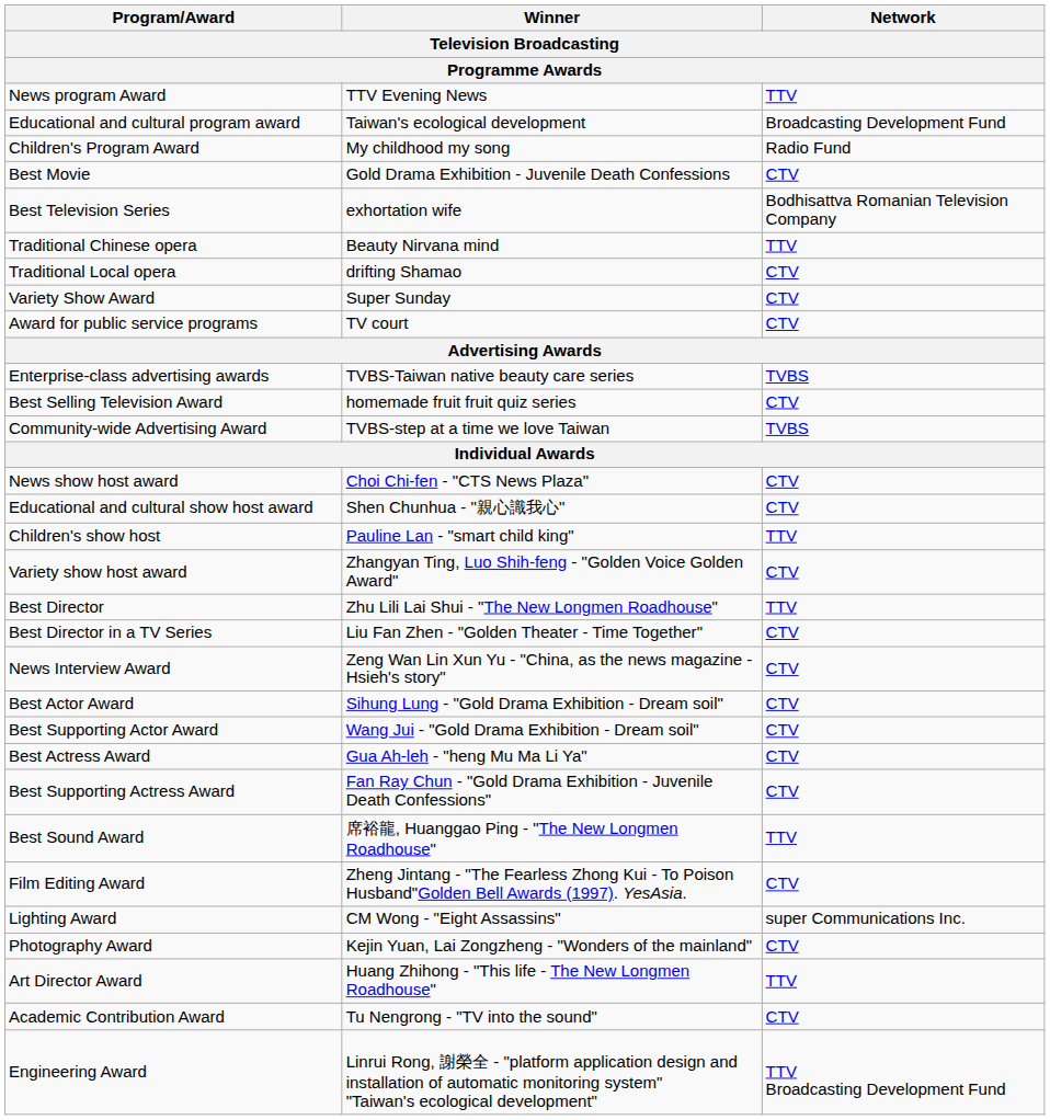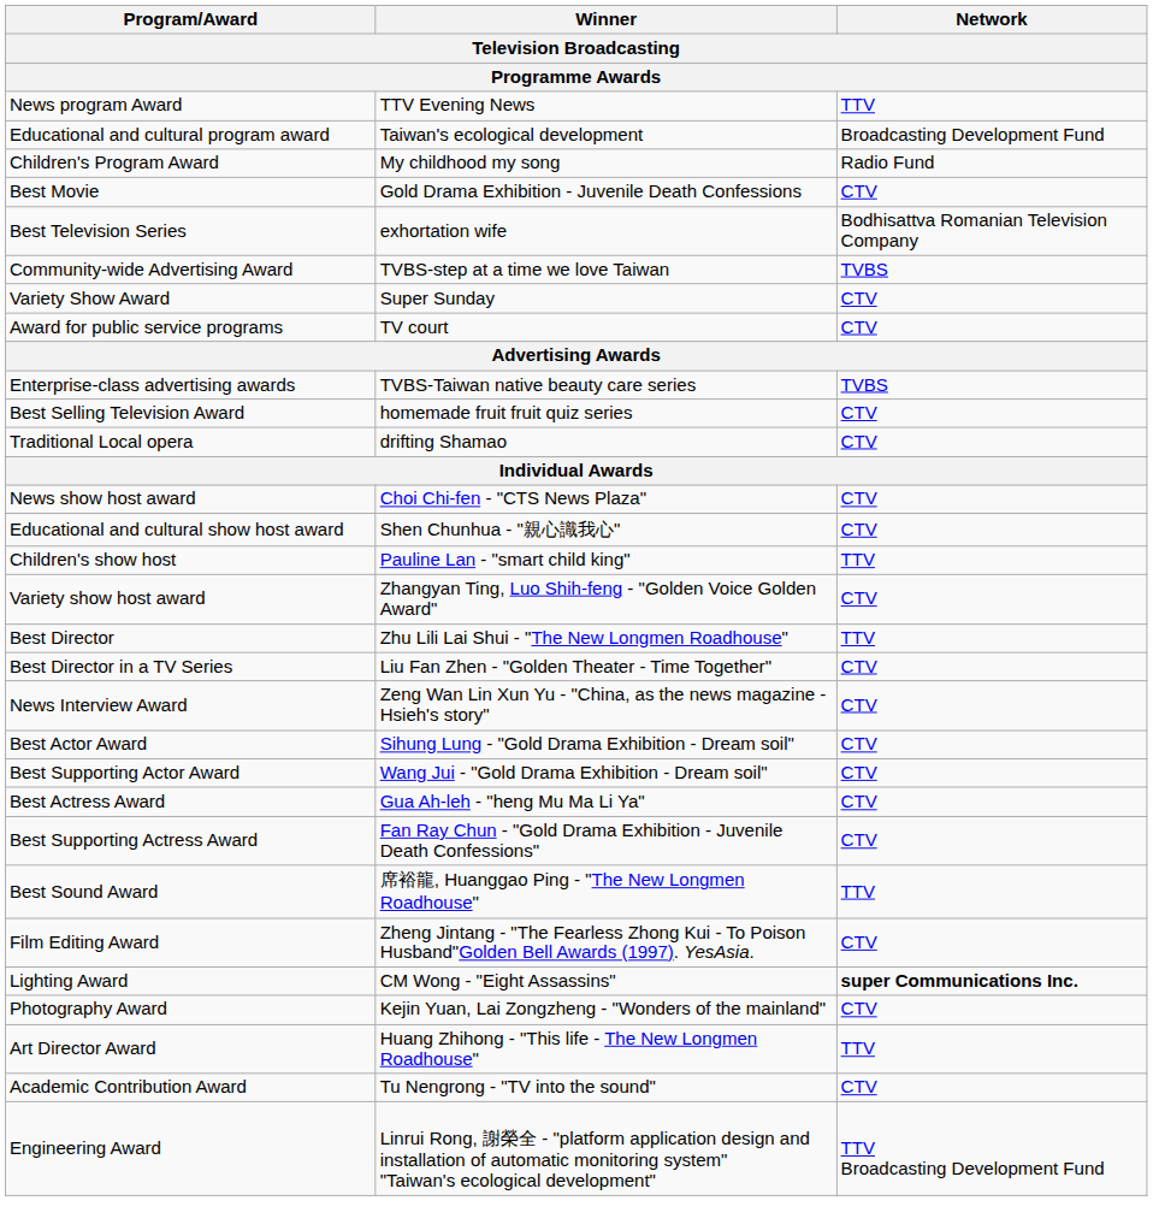 <table class="wikitable">
 <tr>
 <th style="width:240pt;">Program/Award</th>
 <th style="width:300pt;">Winner</th>
 <th style="width:200pt;">Network</th>
 </tr>
 <tr>
 <th colspan=3 style="text-align:center" style="background:#99CCFF;">Television Broadcasting</th>
 </tr>
 <tr>
 <th colspan=3 style="text-align:center" style="background:LightSteelBlue;">Programme Awards</th>
 </tr>
 <tr>
 <td>News program Award</td>
 <td>TTV Evening News</td>
 <td><a href='#'>TTV</a></td>
 </tr>
 <tr>
 <td>Educational and cultural program award</td>
 <td>Taiwan's ecological development</td>
 <td>Broadcasting Development Fund</td>
 </tr>
 <tr>
 <td>Children's Program Award</td>
 <td>My childhood my song</td>
 <td>Radio Fund</td>
 </tr>
 <tr>
 <td>Best Movie</td>
 <td>Gold Drama Exhibition - Juvenile Death Confessions</td>
 <td><a href='#'>CTV</a></td>
 </tr>
 <tr>
 <td>Best Television Series</td>
 <td>exhortation wife</td>
 <td>Bodhisattva Romanian Television Company</td>
 </tr>
 <tr>
-<td>Traditional Chinese opera</td>
-<td>Beauty Nirvana mind</td>
-<td><a href='#'>TTV</a></td>
-</tr>
-<tr>
-<td>Traditional Local opera</td>
-<td>drifting Shamao</td>
-<td><a href='#'>CTV</a></td>
+<td>Community-wide Advertising Award</td>
+<td>TVBS-step at a time we love Taiwan</td>
+<td><a href='#'>TVBS</a></td>
 </tr>
 <tr>
 <td>Variety Show Award</td>
 <td>Super Sunday</td>
 <td><a href='#'>CTV</a></td>
 </tr>
 <tr>
 <td>Award for public service programs</td>
 <td>TV court</td>
 <td><a href='#'>CTV</a></td>
 </tr>
 <tr>
 <th colspan=3 style="text-align:center" style="background:LightSteelBlue;">Advertising Awards</th>
 </tr>
 <tr>
 <td>Enterprise-class advertising awards</td>
 <td>TVBS-Taiwan native beauty care series</td>
 <td><a href='#'>TVBS</a></td>
 </tr>
 <tr>
 <td>Best Selling Television Award</td>
 <td>homemade fruit fruit quiz series</td>
 <td><a href='#'>CTV</a></td>
 </tr>
 <tr>
-<td>Community-wide Advertising Award</td>
-<td>TVBS-step at a time we love Taiwan</td>
-<td><a href='#'>TVBS</a></td>
+<td>Traditional Local opera</td>
+<td>drifting Shamao</td>
+<td><a href='#'>CTV</a></td>
 </tr>
 <tr>
 <th colspan=3 style="text-align:center" style="background:LightSteelBlue;">Individual Awards</th>
 </tr>
 <tr>
 <td>News show host award</td>
 <td><a href='#'>Choi Chi-fen</a> - "CTS News Plaza"</td>
 <td><a href='#'>CTV</a></td>
 </tr>
 <tr>
 <td>Educational and cultural show host award</td>
 <td>Shen Chunhua - "親心識我心"</td>
 <td><a href='#'>CTV</a></td>
 </tr>
 <tr>
 <td>Children's show host</td>
 <td><a href='#'>Pauline Lan</a> - "smart child king"</td>
 <td><a href='#'>TTV</a></td>
 </tr>
 <tr>
 <td>Variety show host award</td>
 <td>Zhangyan Ting, <a href='#'>Luo Shih-feng</a> - "Golden Voice Golden Award"</td>
 <td><a href='#'>CTV</a></td>
 </tr>
 <tr>
 <td>Best Director</td>
 <td>Zhu Lili Lai Shui - "<a href='#'>The New Longmen Roadhouse</a>"</td>
 <td><a href='#'>TTV</a></td>
 </tr>
 <tr>
 <td>Best Director in a TV Series</td>
 <td>Liu Fan Zhen - "Golden Theater - Time Together"</td>
 <td><a href='#'>CTV</a></td>
 </tr>
 <tr>
 <td>News Interview Award</td>
 <td>Zeng Wan Lin Xun Yu - "China, as the news magazine - Hsieh's story"</td>
 <td><a href='#'>CTV</a></td>
 </tr>
 <tr>
 <td>Best Actor Award</td>
 <td><a href='#'>Sihung Lung</a> - "Gold Drama Exhibition - Dream soil"</td>
 <td><a href='#'>CTV</a></td>
 </tr>
 <tr>
 <td>Best Supporting Actor Award</td>
 <td><a href='#'>Wang Jui</a> - "Gold Drama Exhibition - Dream soil"</td>
 <td><a href='#'>CTV</a></td>
 </tr>
 <tr>
 <td>Best Actress Award</td>
 <td><a href='#'>Gua Ah-leh</a> - "heng Mu Ma Li Ya"</td>
 <td><a href='#'>CTV</a></td>
 </tr>
 <tr>
 <td>Best Supporting Actress Award</td>
 <td><a href='#'>Fan Ray Chun</a> - "Gold Drama Exhibition - Juvenile Death Confessions"</td>
 <td><a href='#'>CTV</a></td>
 </tr>
 <tr>
 <td>Best Sound Award</td>
 <td>席裕龍, Huanggao Ping - "<a href='#'>The New Longmen Roadhouse</a>"</td>
 <td><a href='#'>TTV</a></td>
 </tr>
 <tr>
 <td>Film Editing Award</td>
 <td>Zheng Jintang - "The Fearless Zhong Kui - To Poison Husband"<a href='#'>Golden Bell Awards (1997)</a>. <em>YesAsia</em>.</td>
 <td><a href='#'>CTV</a></td>
 </tr>
 <tr>
 <td>Lighting Award</td>
 <td>CM Wong - "Eight Assassins"</td>
-<td>super Communications Inc.</td>
+<td><strong>super Communications Inc.</strong></td>
 </tr>
 <tr>
 <td>Photography Award</td>
 <td>Kejin Yuan, Lai Zongzheng - "Wonders of the mainland"</td>
 <td><a href='#'>CTV</a></td>
 </tr>
 <tr>
 <td>Art Director Award</td>
 <td>Huang Zhihong - "This life - <a href='#'>The New Longmen Roadhouse</a>"</td>
 <td><a href='#'>TTV</a></td>
 </tr>
 <tr>
 <td>Academic Contribution Award</td>
 <td>Tu Nengrong - "TV into the sound"</td>
 <td><a href='#'>CTV</a></td>
 </tr>
 <tr>
 <td>Engineering Award</td>
 <td><br>Linrui Rong, 謝榮全 - "platform application design and installation of automatic monitoring system"  <br>"Taiwan's ecological development"</td>
 <td><br><a href='#'>TTV</a> <br> Broadcasting Development Fund</td>
 </tr>
 </table>
